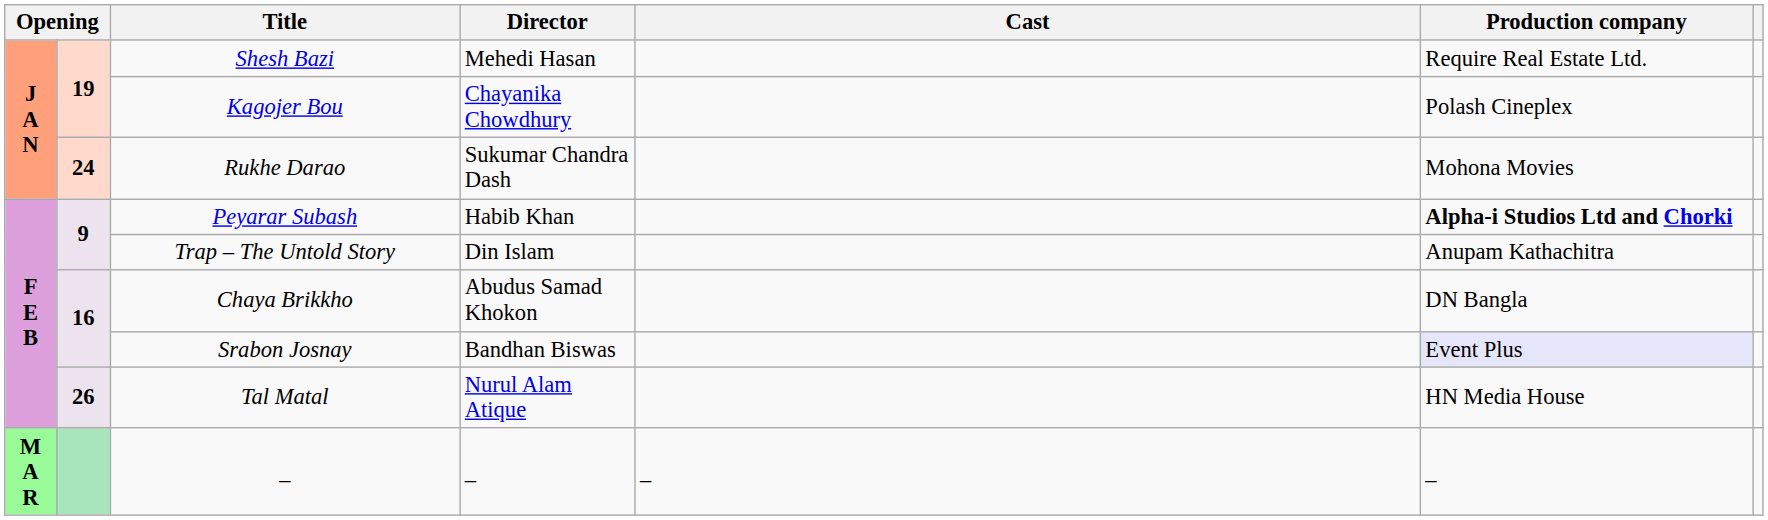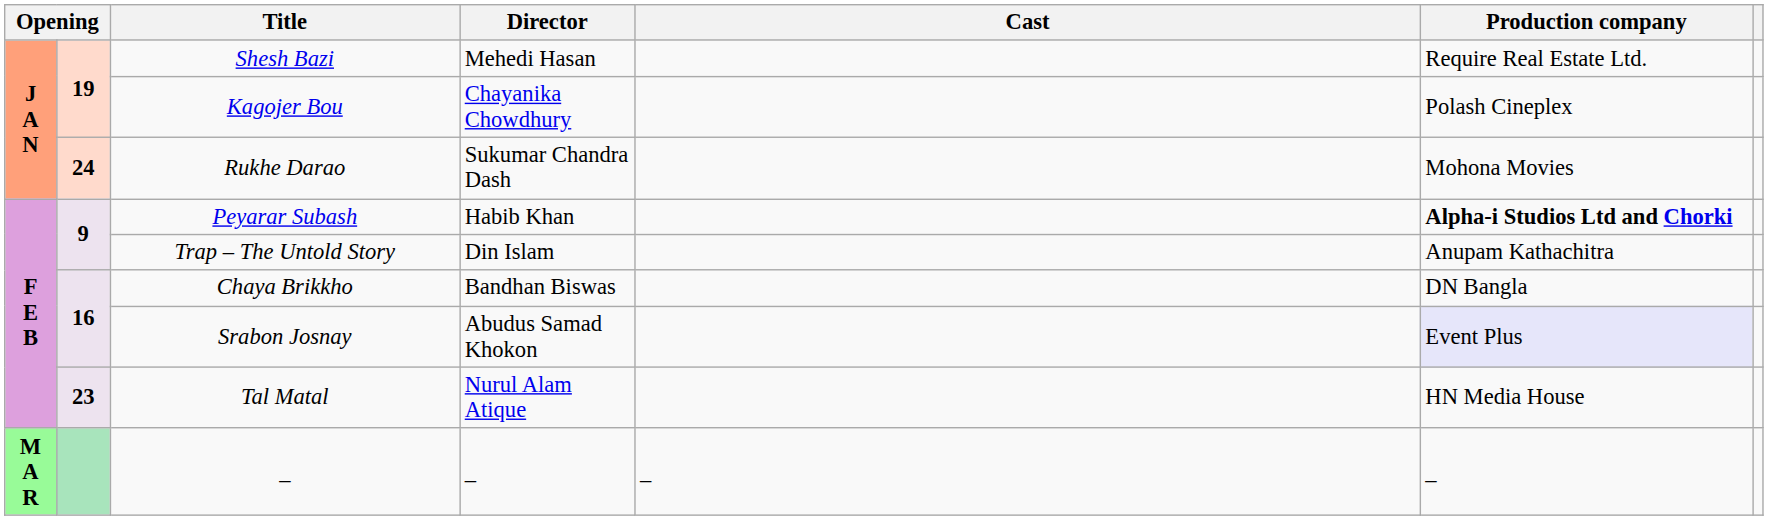 <table class="wikitable sortable">
 <tr>
 <th colspan="2" style="width:6%;"><strong>Opening</strong></th>
 <th style="width:20%;"><strong>Title</strong></th>
 <th style="width:10%;"><strong>Director</strong></th>
 <th style="width:45%;"><strong>Cast</strong></th>
 <th style="width:30%;"><strong>Production company</strong></th>
 <th class="unsortable" style="width:1%;"></th>
 </tr>
 <tr>
 <td rowspan="3" style="text-align:center;background:#ffa07a;textcolor:#000;"><strong>J</strong><br><strong>A</strong><br><strong>N</strong></td>
 <td rowspan="2" style="text-align:center;background:#ffdacc;"><strong>19</strong></td>
 <td style="text-align:center;"><em><a href='#'>Shesh Bazi</a></em></td>
 <td>Mehedi Hasan</td>
 <td></td>
 <td>Require Real Estate Ltd.</td>
 <td></td>
 </tr>
 <tr>
 <td style="text-align:center;"><em><a href='#'>Kagojer Bou</a></em></td>
 <td><a href='#'>Chayanika Chowdhury</a></td>
 <td></td>
 <td>Polash Cineplex</td>
 <td></td>
 </tr>
 <tr>
 <td style="text-align:center;background:#ffdacc;"><strong>24</strong></td>
 <td style="text-align:center;"><em>Rukhe Darao</em></td>
 <td>Sukumar Chandra Dash</td>
 <td></td>
 <td>Mohona Movies</td>
 <td></td>
 </tr>
 <tr>
 <td rowspan="5" style="text-align:center; background:plum; textcolor:#000;"><strong>F</strong> <br><strong>E</strong><br><strong>B</strong></td>
 <td rowspan="2" style="text-align:center; background:#ede3ef;"><strong>9</strong></td>
 <td style="text-align:center;"><em><a href='#'>Peyarar Subash</a></em></td>
 <td>Habib Khan</td>
 <td></td>
 <td><strong>Alpha-i Studios Ltd and <a href='#'>Chorki</a></strong></td>
 <td></td>
 </tr>
 <tr>
 <td style="text-align:center;"><em>Trap – The Untold Story</em></td>
 <td>Din Islam</td>
 <td></td>
 <td>Anupam Kathachitra</td>
 <td></td>
 </tr>
 <tr>
 <td rowspan="2" style="text-align:center; background:#ede3ef;"><strong>16</strong></td>
 <td style="text-align:center;"><em>Chaya Brikkho</em></td>
-<td>Abudus Samad Khokon</td>
+<td>Bandhan Biswas</td>
 <td></td>
 <td>DN Bangla</td>
 <td></td>
 </tr>
 <tr>
 <td style="text-align:center;"><em>Srabon Josnay</em></td>
-<td>Bandhan Biswas</td>
+<td>Abudus Samad Khokon</td>
 <td></td>
 <td style="background: lavender;">Event Plus</td>
 <td></td>
 </tr>
 <tr>
-<td style="text-align:center; background:#ede3ef;"><strong>26</strong></td>
+<td style="text-align:center; background:#ede3ef;"><strong>23</strong></td>
 <td style="text-align:center;"><em>Tal Matal</em></td>
 <td><a href='#'>Nurul Alam Atique</a></td>
 <td></td>
 <td>HN Media House</td>
 <td></td>
 </tr>
 <tr>
 <td style="text-align:center; background:#98fb98; textcolor:#000;"><strong>M<br>A<br>R</strong></td>
 <td style="text-align:center; background:#a8e4bc;"></td>
 <td style="text-align:center;">_</td>
 <td>_</td>
 <td>_</td>
 <td>_</td>
 <td></td>
 </tr>
 </table>
